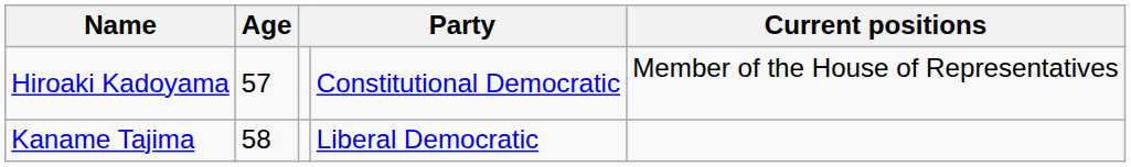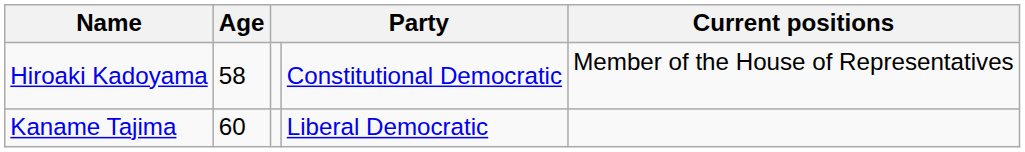 <table class="wikitable">
 <tr style="white-space:nowrap;">
 <th>Name</th>
 <th>Age</th>
 <th colspan=2>Party</th>
 <th>Current positions</th>
 </tr>
 <tr>
 <td><a href='#'>Hiroaki Kadoyama</a></td>
-<td>57</td>
+<td>58</td>
 <td style="background:"></td>
 <td><a href='#'>Constitutional Democratic</a></td>
 <td>Member of the House of Representatives<br><br></td>
 </tr>
 <tr>
 <td><a href='#'>Kaname Tajima</a></td>
-<td>58</td>
+<td>60</td>
 <td style="background:"></td>
 <td><a href='#'>Liberal Democratic</a></td>
 <td></td>
 </tr>
 </table>
